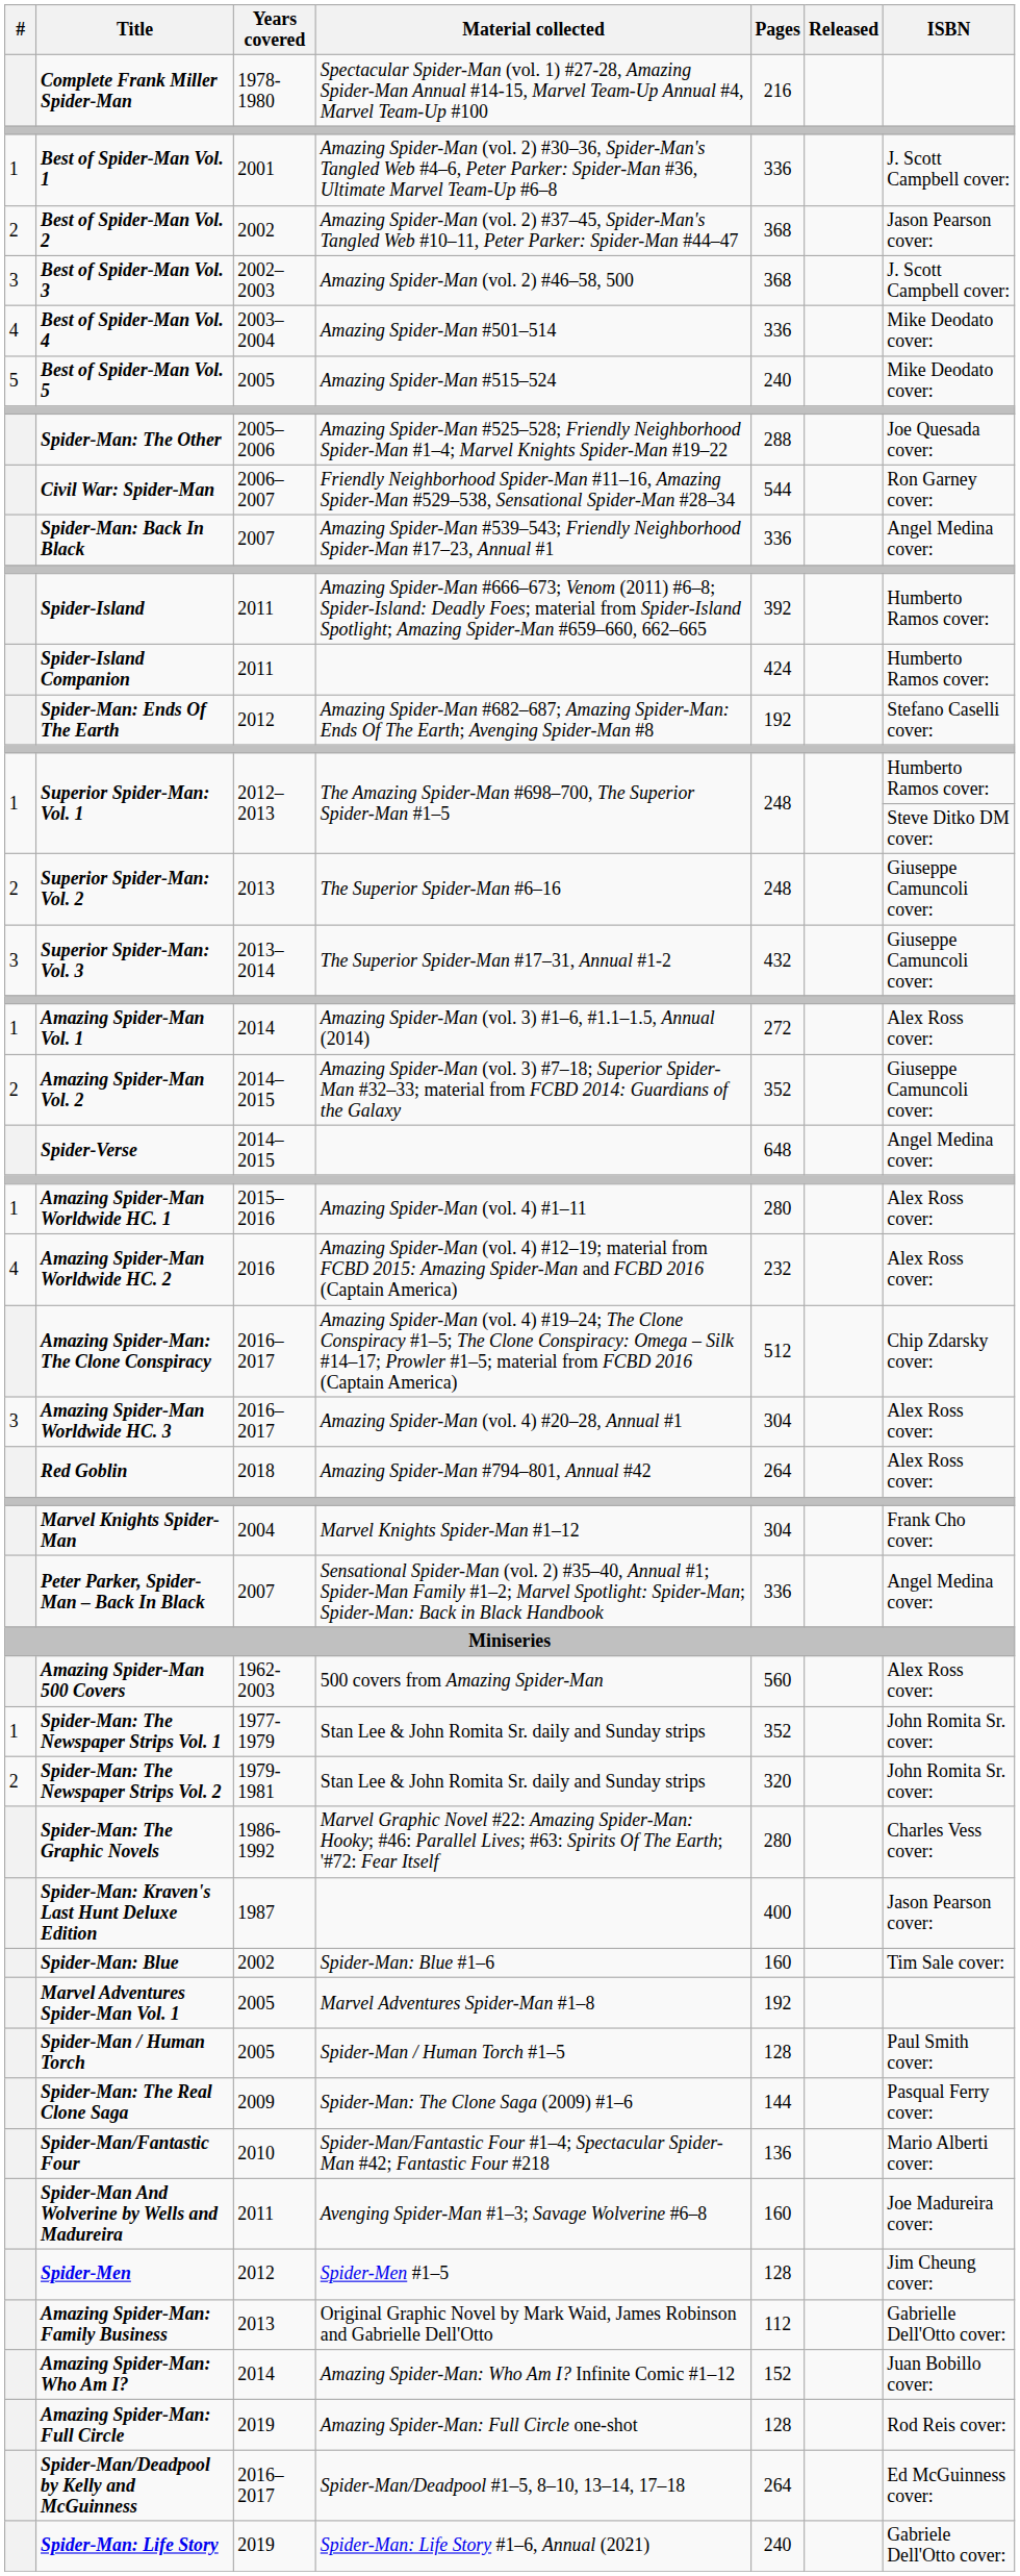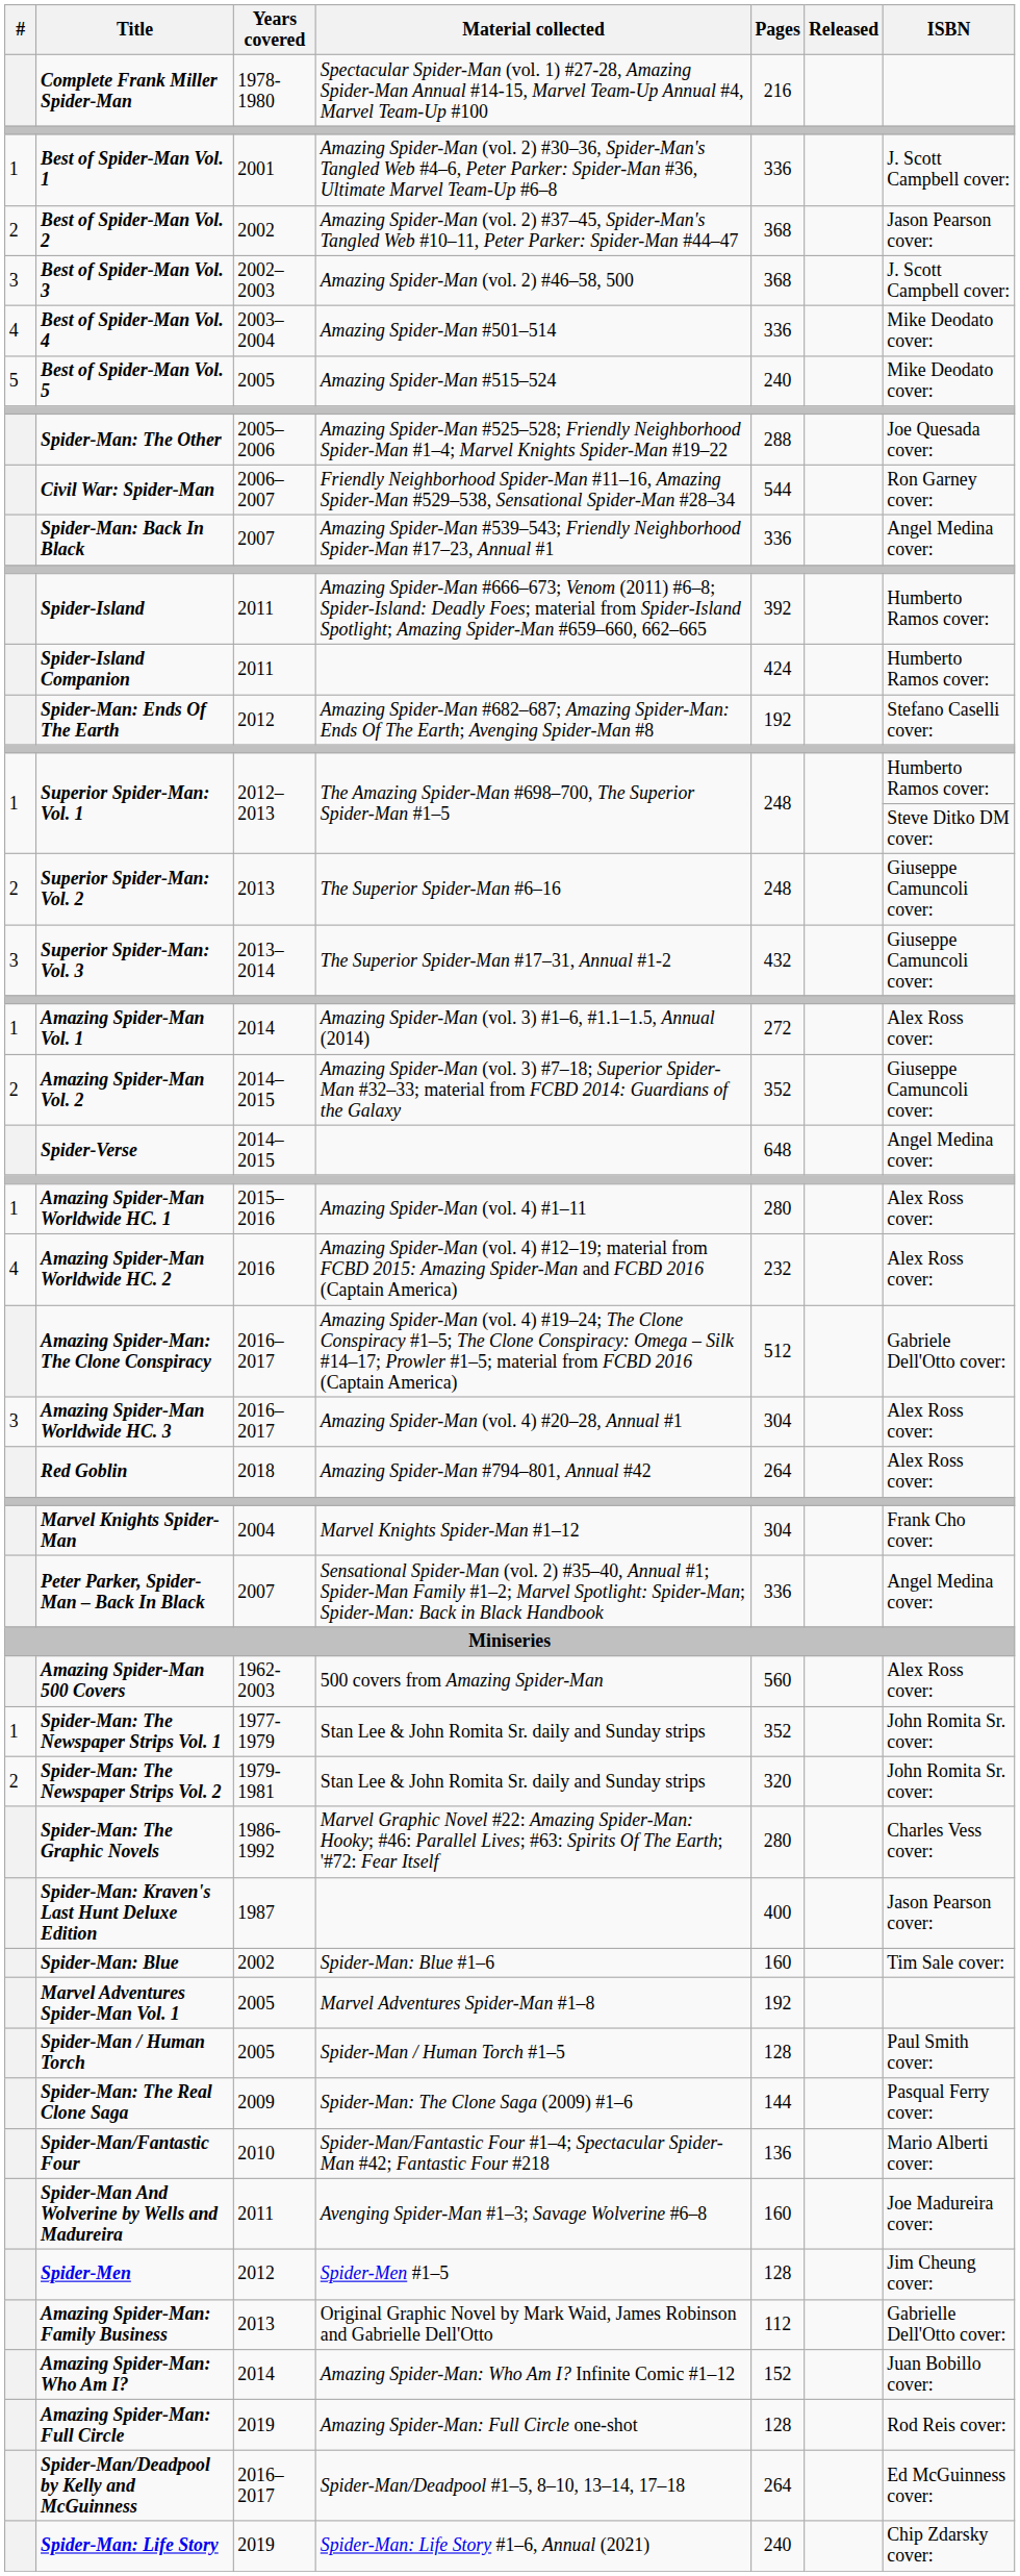 <table class="wikitable sortable" width=99%>
 <tr>
 <th class="unsortable" width=20px>#</th>
 <th>Title</th>
 <th>Years covered</th>
 <th class="unsortable">Material collected</th>
 <th>Pages</th>
 <th>Released</th>
 <th class="unsortable">ISBN</th>
 </tr>
 <tr>
 <th style="background-color: light grey;"></th>
 <td><strong><em>Complete Frank Miller Spider-Man</em></strong></td>
 <td>1978-1980</td>
 <td><em>Spectacular Spider-Man</em> (vol. 1) #27-28, <em>Amazing Spider-Man Annual</em> #14-15, <em>Marvel Team-Up Annual</em> #4, <em>Marvel Team-Up</em> #100</td>
 <td style="text-align: center;">216</td>
 <td></td>
 <td></td>
 </tr>
 <tr>
 <th colspan="7" style="background-color: silver;"></th>
 </tr>
 <tr>
 <td>1</td>
 <td><strong><em>Best of Spider-Man Vol. 1</em></strong></td>
 <td>2001</td>
 <td><em>Amazing Spider-Man</em> (vol. 2) #30–36, <em>Spider-Man's Tangled Web</em> #4–6, <em>Peter Parker: Spider-Man</em> #36, <em>Ultimate Marvel Team-Up</em> #6–8</td>
 <td style="text-align: center;">336</td>
 <td></td>
 <td>J. Scott Campbell cover: </td>
 </tr>
 <tr>
 <td>2</td>
 <td><strong><em>Best of Spider-Man Vol. 2</em></strong></td>
 <td>2002</td>
 <td><em>Amazing Spider-Man</em> (vol. 2) #37–45, <em>Spider-Man's Tangled Web</em> #10–11, <em>Peter Parker: Spider-Man</em> #44–47</td>
 <td style="text-align: center;">368</td>
 <td></td>
 <td>Jason Pearson cover: </td>
 </tr>
 <tr>
 <td>3</td>
 <td><strong><em>Best of Spider-Man Vol. 3</em></strong></td>
 <td>2002–2003</td>
 <td><em>Amazing Spider-Man</em> (vol. 2) #46–58, 500</td>
 <td style="text-align: center;">368</td>
 <td></td>
 <td>J. Scott Campbell cover: </td>
 </tr>
 <tr>
 <td>4</td>
 <td><strong><em>Best of Spider-Man Vol. 4</em></strong></td>
 <td>2003–2004</td>
 <td><em>Amazing Spider-Man</em> #501–514</td>
 <td style="text-align: center;">336</td>
 <td></td>
 <td>Mike Deodato cover: </td>
 </tr>
 <tr>
 <td>5</td>
 <td><strong><em>Best of Spider-Man Vol. 5</em></strong></td>
 <td>2005</td>
 <td><em>Amazing Spider-Man</em> #515–524</td>
 <td style="text-align: center;">240</td>
 <td></td>
 <td>Mike Deodato cover: </td>
 </tr>
 <tr>
 <th colspan="7" style="background-color: silver;"></th>
 </tr>
 <tr>
 <th style="background-color: light grey;"></th>
 <td><strong><em>Spider-Man: The Other</em></strong></td>
 <td>2005–2006</td>
 <td><em>Amazing Spider-Man</em> #525–528; <em>Friendly Neighborhood Spider-Man</em> #1–4; <em>Marvel Knights Spider-Man</em> #19–22</td>
 <td style="text-align: center;">288</td>
 <td></td>
 <td>Joe Quesada cover: </td>
 </tr>
 <tr>
 <th style="background-color: light grey;"></th>
 <td><strong><em>Civil War: Spider-Man</em></strong></td>
 <td>2006–2007</td>
 <td><em>Friendly Neighborhood Spider-Man</em> #11–16, <em>Amazing Spider-Man</em> #529–538, <em>Sensational Spider-Man</em> #28–34</td>
 <td style="text-align: center;">544</td>
 <td></td>
 <td>Ron Garney cover: </td>
 </tr>
 <tr>
 <th style="background-color: light grey;"></th>
 <td><strong><em>Spider-Man: Back In Black</em></strong></td>
 <td>2007</td>
 <td><em>Amazing Spider-Man</em> #539–543; <em>Friendly Neighborhood Spider-Man</em> #17–23, <em>Annual</em> #1</td>
 <td style="text-align: center;">336</td>
 <td></td>
 <td>Angel Medina cover: </td>
 </tr>
 <tr>
 <th colspan=7 style="background-color: silver;"></th>
 </tr>
 <tr>
 <th style="background-color: light grey;"></th>
 <td><strong><em>Spider-Island</em></strong></td>
 <td>2011</td>
 <td><em>Amazing Spider-Man</em> #666–673; <em>Venom</em> (2011) #6–8; <em>Spider-Island: Deadly Foes</em>; material from <em>Spider-Island Spotlight</em>; <em>Amazing Spider-Man</em> #659–660, 662–665</td>
 <td style="text-align: center;">392</td>
 <td></td>
 <td>Humberto Ramos cover: </td>
 </tr>
 <tr>
 <th style="background-color: light grey;"></th>
 <td><strong><em>Spider-Island Companion</em></strong></td>
 <td>2011</td>
 <td></td>
 <td style="text-align: center;">424</td>
 <td></td>
 <td>Humberto Ramos cover: </td>
 </tr>
 <tr>
 <th style="background-color: light grey;"></th>
 <td><strong><em>Spider-Man: Ends Of The Earth</em></strong></td>
 <td>2012</td>
 <td><em>Amazing Spider-Man</em> #682–687; <em>Amazing Spider-Man: Ends Of The Earth</em>; <em>Avenging Spider-Man</em> #8</td>
 <td style="text-align: center;">192</td>
 <td></td>
 <td>Stefano Caselli cover: </td>
 </tr>
 <tr>
 <th colspan=7 style="background-color: silver;"></th>
 </tr>
 <tr>
 <td rowspan="2">1</td>
 <td rowspan="2"><strong><em>Superior Spider-Man: Vol. 1</em></strong></td>
 <td rowspan="2">2012–2013</td>
 <td rowspan="2"><em>The Amazing Spider-Man</em> #698–700, <em>The Superior Spider-Man</em> #1–5</td>
 <td rowspan="2" style="text-align: center;">248</td>
 <td rowspan="2"></td>
 <td>Humberto Ramos cover: </td>
 </tr>
 <tr>
 <td>Steve Ditko DM cover: </td>
 </tr>
 <tr>
 <td>2</td>
 <td><strong><em>Superior Spider-Man: Vol. 2</em></strong></td>
 <td>2013</td>
 <td><em>The Superior Spider-Man</em> #6–16</td>
 <td style="text-align: center;">248</td>
 <td></td>
 <td>Giuseppe Camuncoli cover: </td>
 </tr>
 <tr>
 <td>3</td>
 <td><strong><em>Superior Spider-Man: Vol. 3</em></strong></td>
 <td>2013–2014</td>
 <td><em>The Superior Spider-Man</em> #17–31, <em>Annual</em> #1-2</td>
 <td style="text-align: center;">432</td>
 <td></td>
 <td>Giuseppe Camuncoli cover: </td>
 </tr>
 <tr>
 <th colspan=7 style="background-color: silver;"></th>
 </tr>
 <tr>
 <td>1</td>
 <td><strong><em>Amazing Spider-Man Vol. 1</em></strong></td>
 <td>2014</td>
 <td><em>Amazing Spider-Man</em> (vol. 3) #1–6, #1.1–1.5, <em>Annual</em> (2014)</td>
 <td style="text-align: center;">272</td>
 <td></td>
 <td>Alex Ross cover: </td>
 </tr>
 <tr>
 <td>2</td>
 <td><strong><em>Amazing Spider-Man Vol. 2</em></strong></td>
 <td>2014–2015</td>
 <td><em>Amazing Spider-Man</em> (vol. 3) #7–18; <em>Superior Spider-Man</em> #32–33; material from <em>FCBD 2014: Guardians of the Galaxy</em></td>
 <td style="text-align: center;">352</td>
 <td></td>
 <td>Giuseppe Camuncoli cover: </td>
 </tr>
 <tr>
 <th style="background-color: light grey;"></th>
 <td><strong><em>Spider-Verse</em></strong></td>
 <td>2014–2015</td>
 <td></td>
 <td style="text-align: center;">648</td>
 <td></td>
 <td>Angel Medina cover: </td>
 </tr>
 <tr>
 <th colspan="7" style="background-color: silver;"></th>
 </tr>
 <tr>
 <td>1</td>
 <td><strong><em>Amazing Spider-Man Worldwide HC. 1</em></strong></td>
 <td>2015–2016</td>
 <td><em>Amazing Spider-Man</em> (vol. 4)  #1–11</td>
 <td style="text-align: center;">280</td>
 <td></td>
 <td>Alex Ross cover: </td>
 </tr>
 <tr>
 <td>4</td>
 <td><strong><em>Amazing Spider-Man Worldwide HC. 2</em></strong></td>
 <td>2016</td>
 <td><em>Amazing Spider-Man</em> (vol. 4)  #12–19; material from <em>FCBD 2015: Amazing Spider-Man</em> and <em>FCBD 2016</em> (Captain America)</td>
 <td style="text-align: center;">232</td>
 <td></td>
 <td>Alex Ross cover: </td>
 </tr>
 <tr>
 <th style="background-color: light grey;"></th>
 <td><strong><em>Amazing Spider-Man: The Clone Conspiracy</em></strong></td>
 <td>2016–2017</td>
 <td><em>Amazing Spider-Man</em> (vol. 4)  #19–24; <em>The Clone Conspiracy</em> #1–5; <em>The Clone Conspiracy: Omega – Silk</em> #14–17; <em>Prowler</em> #1–5; material from <em>FCBD 2016</em> (Captain America)</td>
 <td style="text-align: center;">512</td>
 <td></td>
-<td>Chip Zdarsky cover: </td>
+<td>Gabriele Dell'Otto cover: </td>
 </tr>
 <tr>
 <td>3</td>
 <td><strong><em>Amazing Spider-Man Worldwide HC. 3</em></strong></td>
 <td>2016–2017</td>
 <td><em>Amazing Spider-Man</em> (vol. 4)  #20–28, <em>Annual</em> #1</td>
 <td style="text-align: center;">304</td>
 <td></td>
 <td>Alex Ross cover: </td>
 </tr>
 <tr>
 <th style="background-color: light grey;"></th>
 <td><strong><em>Red Goblin</em></strong></td>
 <td>2018</td>
 <td><em>Amazing Spider-Man</em> #794–801, <em>Annual</em> #42</td>
 <td style="text-align: center;">264</td>
 <td></td>
 <td>Alex Ross cover: </td>
 </tr>
 <tr>
 <th colspan="7" style="background-color: silver;"></th>
 </tr>
 <tr>
 <th style="background-color: light grey;"></th>
 <td><strong><em>Marvel Knights Spider-Man</em></strong></td>
 <td>2004</td>
 <td><em>Marvel Knights Spider-Man</em> #1–12</td>
 <td style="text-align: center;">304</td>
 <td></td>
 <td>Frank Cho cover: </td>
 </tr>
 <tr>
 <th style="background-color: light grey;"></th>
 <td><strong><em>Peter Parker, Spider-Man – Back In Black</em></strong></td>
 <td>2007</td>
 <td><em>Sensational Spider-Man</em> (vol. 2) #35–40, <em>Annual</em> #1; <em>Spider-Man Family</em> #1–2; <em>Marvel Spotlight: Spider-Man</em>; <em>Spider-Man: Back in Black Handbook</em></td>
 <td style="text-align: center;">336</td>
 <td></td>
 <td>Angel Medina cover: </td>
 </tr>
 <tr>
 <th colspan="7" style="background-color: silver;"><strong>Miniseries</strong></th>
 </tr>
 <tr>
 <th style="background-color: light grey;"></th>
 <td><strong><em>Amazing Spider-Man 500 Covers</em></strong></td>
 <td>1962-2003</td>
 <td>500 covers from <em>Amazing Spider-Man</em></td>
 <td style="text-align: center;">560</td>
 <td></td>
 <td>Alex Ross cover: </td>
 </tr>
 <tr>
 <td>1</td>
 <td><strong><em>Spider-Man: The Newspaper Strips Vol. 1</em></strong></td>
 <td>1977-1979</td>
 <td>Stan Lee & John Romita Sr. daily and Sunday strips</td>
 <td style="text-align: center;">352</td>
 <td></td>
 <td>John Romita Sr. cover: </td>
 </tr>
 <tr>
 <td>2</td>
 <td><strong><em>Spider-Man: The Newspaper Strips Vol. 2</em></strong></td>
 <td>1979-1981</td>
 <td>Stan Lee & John Romita Sr. daily and Sunday strips</td>
 <td style="text-align: center;">320</td>
 <td></td>
 <td>John Romita Sr. cover: </td>
 </tr>
 <tr>
 <th style="background-color: light grey;"></th>
 <td><strong><em>Spider-Man: The Graphic Novels</em></strong></td>
 <td>1986-1992</td>
 <td><em>Marvel Graphic Novel</em> #22: <em>Amazing Spider-Man: Hooky</em>; #46: <em>Parallel Lives</em>; #63: <em>Spirits Of The Earth</em>; '#72: <em>Fear Itself</em></td>
 <td style="text-align: center;">280</td>
 <td></td>
 <td>Charles Vess cover: </td>
 </tr>
 <tr>
 <th style="background-color: light grey;"></th>
 <td><strong><em>Spider-Man: Kraven's Last Hunt Deluxe Edition</em></strong></td>
 <td>1987</td>
 <td></td>
 <td style="text-align: center;">400</td>
 <td></td>
 <td>Jason Pearson cover: </td>
 </tr>
 <tr>
 <th style="background-color: light grey;"></th>
 <td><strong><em>Spider-Man: Blue</em></strong></td>
 <td>2002</td>
 <td><em>Spider-Man: Blue</em> #1–6</td>
 <td style="text-align: center;">160</td>
 <td></td>
 <td>Tim Sale cover: </td>
 </tr>
 <tr>
 <th style="background-color: light grey;"></th>
 <td><strong><em>Marvel Adventures Spider-Man Vol. 1</em></strong></td>
 <td>2005</td>
 <td><em>Marvel Adventures Spider-Man</em> #1–8</td>
 <td style="text-align: center;">192</td>
 <td></td>
 <td></td>
 </tr>
 <tr>
 <th style="background-color: light grey;"></th>
 <td><strong><em>Spider-Man / Human Torch</em></strong></td>
 <td>2005</td>
 <td><em>Spider-Man / Human Torch</em> #1–5</td>
 <td style="text-align: center;">128</td>
 <td></td>
 <td>Paul Smith cover: </td>
 </tr>
 <tr>
 <th style="background-color: light grey;"></th>
 <td><strong><em>Spider-Man: The Real Clone Saga</em></strong></td>
 <td>2009</td>
 <td><em>Spider-Man: The Clone Saga</em> (2009) #1–6</td>
 <td style="text-align: center;">144</td>
 <td></td>
 <td>Pasqual Ferry cover: </td>
 </tr>
 <tr>
 <th style="background-color: light grey;"></th>
 <td><strong><em>Spider-Man/Fantastic Four</em></strong></td>
 <td>2010</td>
 <td><em>Spider-Man/Fantastic Four</em> #1–4; <em>Spectacular Spider-Man</em> #42; <em>Fantastic Four</em> #218</td>
 <td style="text-align: center;">136</td>
 <td></td>
 <td>Mario Alberti cover: </td>
 </tr>
 <tr>
 <th style="background-color: light grey;"></th>
 <td><strong><em>Spider-Man And Wolverine by Wells and Madureira</em></strong></td>
 <td>2011</td>
 <td><em>Avenging Spider-Man</em> #1–3; <em>Savage Wolverine</em> #6–8</td>
 <td style="text-align: center;">160</td>
 <td></td>
 <td>Joe Madureira cover: </td>
 </tr>
 <tr>
 <th style="background-color: light grey;"></th>
 <td><strong><em><a href='#'>Spider-Men</a></em></strong></td>
 <td>2012</td>
 <td><em><a href='#'>Spider-Men</a></em> #1–5</td>
 <td style="text-align: center;">128</td>
 <td></td>
 <td>Jim Cheung cover: </td>
 </tr>
 <tr>
 <th style="background-color: light grey;"></th>
 <td><strong><em>Amazing Spider-Man: Family Business</em></strong></td>
 <td>2013</td>
 <td>Original Graphic Novel by Mark Waid, James Robinson and Gabrielle Dell'Otto</td>
 <td style="text-align: center;">112</td>
 <td></td>
 <td>Gabrielle Dell'Otto cover: </td>
 </tr>
 <tr>
 <th style="background-color: light grey;"></th>
 <td><strong><em>Amazing Spider-Man: Who Am I?</em></strong></td>
 <td>2014</td>
 <td><em>Amazing Spider-Man: Who Am I?</em> Infinite Comic #1–12</td>
 <td style="text-align: center;">152</td>
 <td></td>
 <td>Juan Bobillo cover: </td>
 </tr>
 <tr>
 <th style="background-color: light grey;"></th>
 <td><strong><em>Amazing Spider-Man: Full Circle</em></strong></td>
 <td>2019</td>
 <td><em>Amazing Spider-Man: Full Circle</em> one-shot</td>
 <td style="text-align: center;">128</td>
 <td></td>
 <td>Rod Reis cover: </td>
 </tr>
 <tr>
 <th style="background-color: light grey;"></th>
 <td><strong><em>Spider-Man/Deadpool by Kelly and McGuinness</em></strong></td>
 <td>2016–2017</td>
 <td><em>Spider-Man/Deadpool</em> #1–5, 8–10, 13–14, 17–18</td>
 <td style="text-align: center;">264</td>
 <td></td>
 <td>Ed McGuinness cover: </td>
 </tr>
 <tr>
 <th style="background-color: light grey;"></th>
 <td><strong><em><a href='#'>Spider-Man: Life Story</a></em></strong></td>
 <td>2019</td>
 <td><em><a href='#'>Spider-Man: Life Story</a></em> #1–6, <em>Annual</em> (2021)</td>
 <td style="text-align: center;">240</td>
 <td></td>
-<td>Gabriele Dell'Otto cover: </td>
+<td>Chip Zdarsky cover: </td>
 </tr>
 </table>
